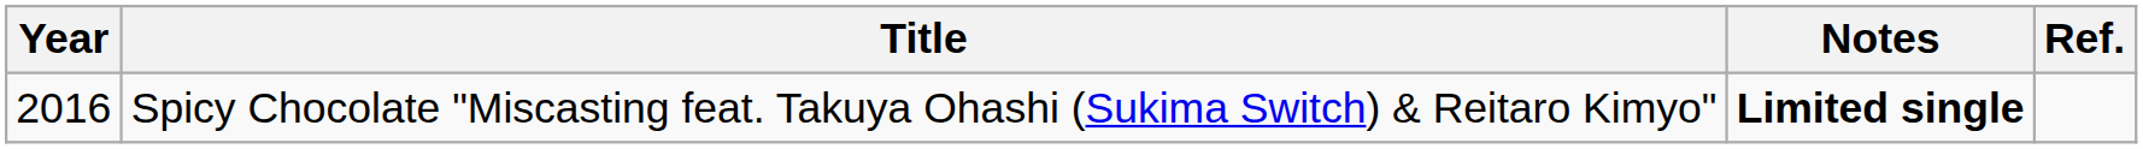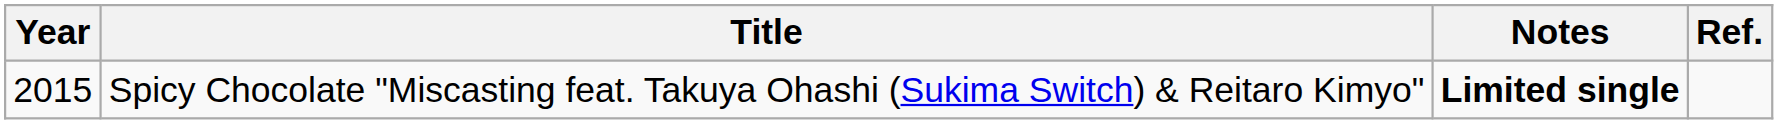 <table class="wikitable">
 <tr>
 <th>Year</th>
 <th>Title</th>
 <th>Notes</th>
 <th>Ref.</th>
 </tr>
 <tr>
-<td>2016</td>
+<td>2015</td>
 <td>Spicy Chocolate "Miscasting feat. Takuya Ohashi (<a href='#'>Sukima Switch</a>) & Reitaro Kimyo"</td>
 <td><strong>Limited single</strong></td>
 <td></td>
 </tr>
 </table>
